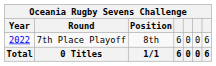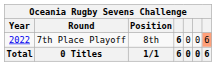 <table class="wikitable" style="text-align: center;">
 <tr>
 <th colspan="7">Oceania Rugby Sevens Challenge</th>
 </tr>
 <tr>
 <th>Year</th>
 <th>Round</th>
 <th>Position</th>
 <th></th>
 <th></th>
 <th></th>
 <th></th>
 </tr>
 <tr>
 <td> <a href='#'>2022</a></td>
 <td>7th Place Playoff</td>
 <td>8th</td>
-<td>6</td>
+<td><strong>6</strong></td>
 <td>0</td>
 <td>0</td>
-<td>6</td>
+<td style="background: lightsalmon;">6</td>
 </tr>
 <tr>
 <th>Total</th>
 <th>0 Titles</th>
 <th>1/1</th>
 <th>6</th>
 <th>0</th>
 <th>0</th>
 <th>6</th>
 </tr>
 </table>
